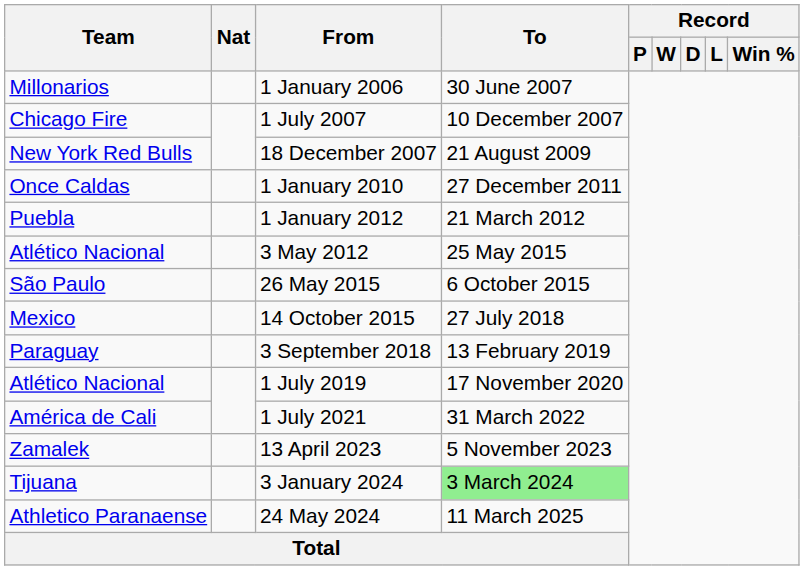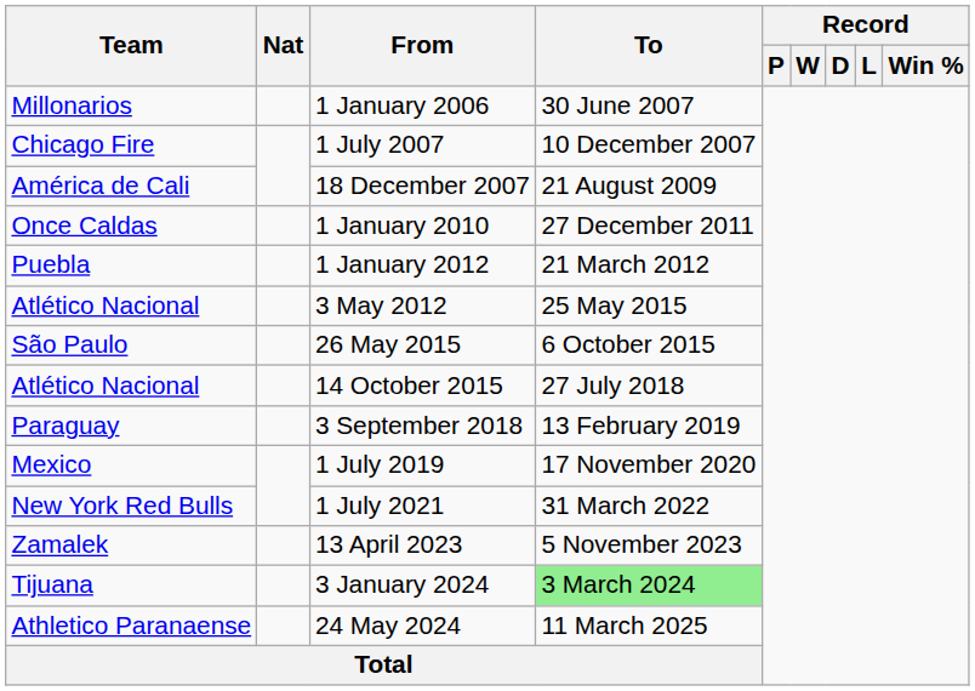 <table class="wikitable" style="text-align: center">
 <tr>
 <th rowspan="2">Team</th>
 <th rowspan="2">Nat</th>
 <th rowspan="2">From</th>
 <th rowspan="2">To</th>
 <th colspan="7">Record</th>
 </tr>
 <tr>
 <th>P</th>
 <th>W</th>
 <th>D</th>
 <th>L</th>
 <th>Win %</th>
 </tr>
 <tr>
 <td align=left><a href='#'>Millonarios</a></td>
 <td></td>
 <td align=left>1 January 2006</td>
 <td align=left>30 June 2007<br></td>
 </tr>
 <tr>
 <td align=left><a href='#'>Chicago Fire</a></td>
 <td rowspan="2"></td>
 <td align=left>1 July 2007</td>
 <td align=left>10 December 2007<br></td>
 </tr>
 <tr>
-<td align=left><a href='#'>New York Red Bulls</a></td>
+<td align=left><a href='#'>América de Cali</a></td>
 <td align=left>18 December 2007</td>
 <td align=left>21 August 2009<br></td>
 </tr>
 <tr>
 <td align=left><a href='#'>Once Caldas</a></td>
 <td></td>
 <td align=left>1 January 2010</td>
 <td align=left>27 December 2011<br></td>
 </tr>
 <tr>
 <td align=left><a href='#'>Puebla</a></td>
 <td></td>
 <td align=left>1 January 2012</td>
 <td align=left>21 March 2012<br></td>
 </tr>
 <tr>
 <td align=left><a href='#'>Atlético Nacional</a></td>
 <td></td>
 <td align=left>3 May 2012</td>
 <td align=left>25 May 2015<br></td>
 </tr>
 <tr>
 <td align=left><a href='#'>São Paulo</a></td>
 <td></td>
 <td align=left>26 May 2015</td>
 <td align=left>6 October 2015<br></td>
 </tr>
 <tr>
-<td align=left><a href='#'>Mexico</a></td>
+<td align=left><a href='#'>Atlético Nacional</a></td>
 <td></td>
 <td align=left>14 October 2015</td>
 <td align=left>27 July 2018<br></td>
 </tr>
 <tr>
 <td align=left><a href='#'>Paraguay</a></td>
 <td></td>
 <td align=left>3 September 2018</td>
 <td align=left>13 February 2019<br></td>
 </tr>
 <tr>
-<td align=left><a href='#'>Atlético Nacional</a></td>
+<td align=left><a href='#'>Mexico</a></td>
 <td rowspan="2"></td>
 <td align=left>1 July 2019</td>
 <td align=left>17 November 2020<br></td>
 </tr>
 <tr>
-<td align=left><a href='#'>América de Cali</a></td>
+<td align=left><a href='#'>New York Red Bulls</a></td>
 <td align=left>1 July 2021</td>
 <td align=left>31 March 2022<br></td>
 </tr>
 <tr>
 <td align=left><a href='#'>Zamalek</a></td>
 <td></td>
 <td align=left>13 April 2023</td>
 <td align=left>5 November 2023<br></td>
 </tr>
 <tr>
 <td align=left><a href='#'>Tijuana</a></td>
 <td></td>
 <td align=left>3 January 2024</td>
 <td align=left style="background: lightgreen;">3 March 2024<br></td>
 </tr>
 <tr>
 <td align=left><a href='#'>Athletico Paranaense</a></td>
 <td></td>
 <td align=left>24 May 2024</td>
 <td align=left>11 March 2025<br></td>
 </tr>
 <tr>
 <th colspan="4">Total<br></th>
 </tr>
 </table>
